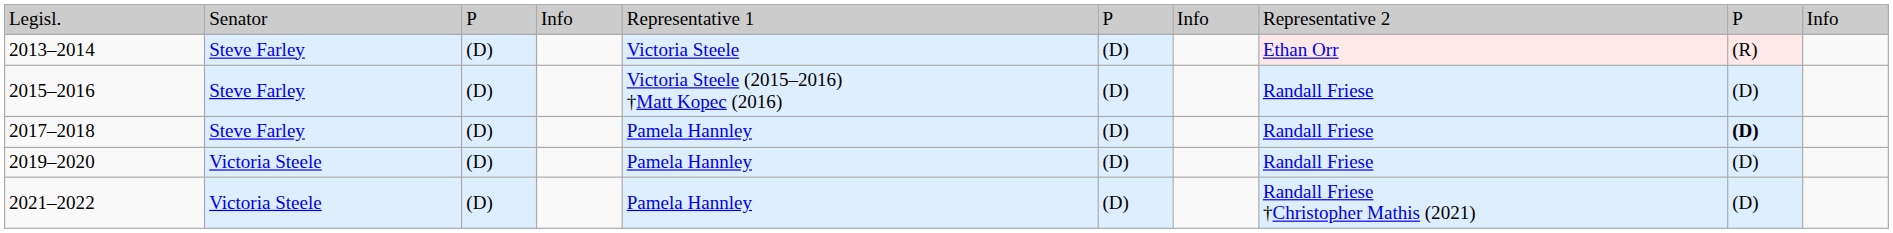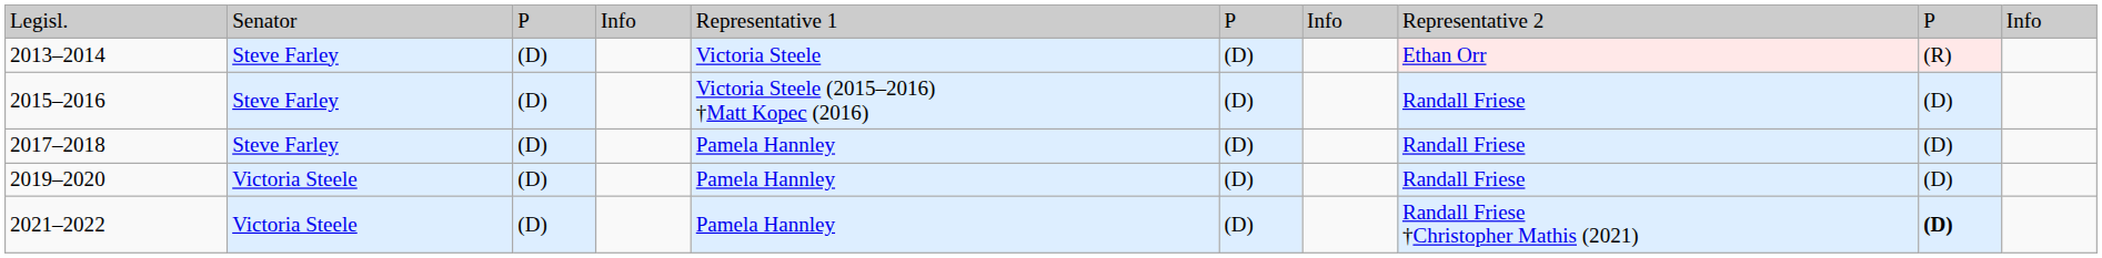 <table class=wikitable width="100%" border="1">
 <tr style="background-color:#cccccc;">
 <td>Legisl.</td>
 <td>Senator</td>
 <td>P</td>
 <td>Info</td>
 <td>Representative 1</td>
 <td>P</td>
 <td>Info</td>
 <td>Representative 2</td>
 <td>P</td>
 <td>Info</td>
 </tr>
 <tr>
 <td>2013–2014</td>
 <td style="background:#DDEEFF"><a href='#'>Steve Farley</a></td>
 <td style="background:#DDEEFF">(D)</td>
 <td></td>
 <td style="background:#DDEEFF"><a href='#'>Victoria Steele</a></td>
 <td style="background:#DDEEFF">(D)</td>
 <td></td>
 <td style="background:#FFE8E8"><a href='#'>Ethan Orr</a></td>
 <td style="background:#FFE8E8">(R)</td>
 <td></td>
 </tr>
 <tr>
 <td>2015–2016</td>
 <td style="background:#DDEEFF"><a href='#'>Steve Farley</a></td>
 <td style="background:#DDEEFF">(D)</td>
 <td></td>
 <td style="background:#DDEEFF"><a href='#'>Victoria Steele</a> (2015–2016)<br>†<a href='#'>Matt Kopec</a> (2016)</td>
 <td style="background:#DDEEFF">(D)</td>
 <td></td>
 <td style="background:#DDEEFF"><a href='#'>Randall Friese</a></td>
 <td style="background:#DDEEFF">(D)</td>
 <td></td>
 </tr>
 <tr>
 <td>2017–2018</td>
 <td style="background:#DDEEFF"><a href='#'>Steve Farley</a></td>
 <td style="background:#DDEEFF">(D)</td>
 <td></td>
 <td style="background:#DDEEFF"><a href='#'>Pamela Hannley</a></td>
 <td style="background:#DDEEFF">(D)</td>
 <td></td>
 <td style="background:#DDEEFF"><a href='#'>Randall Friese</a></td>
-<td style="background:#DDEEFF"><strong>(D)</strong></td>
+<td style="background:#DDEEFF">(D)</td>
 <td></td>
 </tr>
 <tr>
 <td>2019–2020</td>
 <td style="background:#DDEEFF"><a href='#'>Victoria Steele</a></td>
 <td style="background:#DDEEFF">(D)</td>
 <td></td>
 <td style="background:#DDEEFF"><a href='#'>Pamela Hannley</a></td>
 <td style="background:#DDEEFF">(D)</td>
 <td></td>
 <td style="background:#DDEEFF"><a href='#'>Randall Friese</a></td>
 <td style="background:#DDEEFF">(D)</td>
 <td></td>
 </tr>
 <tr>
 <td>2021–2022</td>
 <td style="background:#DDEEFF"><a href='#'>Victoria Steele</a></td>
 <td style="background:#DDEEFF">(D)</td>
 <td></td>
 <td style="background:#DDEEFF"><a href='#'>Pamela Hannley</a></td>
 <td style="background:#DDEEFF">(D)</td>
 <td></td>
 <td style="background:#DDEEFF"><a href='#'>Randall Friese</a><br>†<a href='#'>Christopher Mathis</a> (2021)</td>
-<td style="background:#DDEEFF">(D)</td>
+<td style="background:#DDEEFF"><strong>(D)</strong></td>
 <td></td>
 </tr>
 </table>
